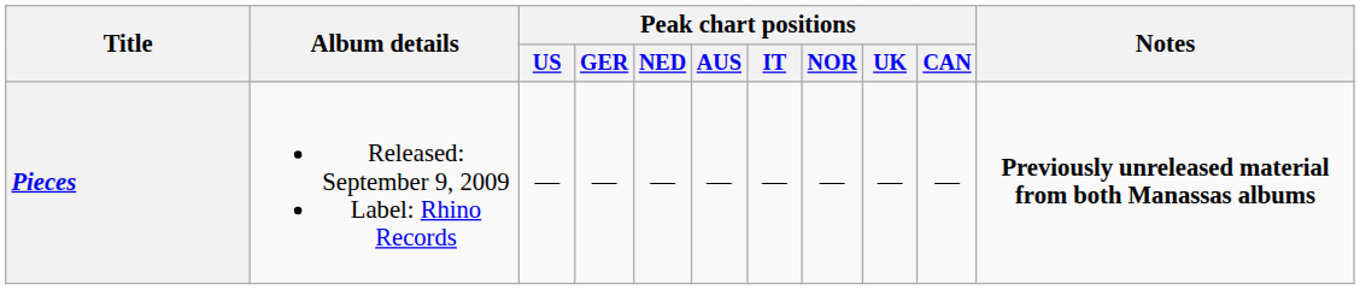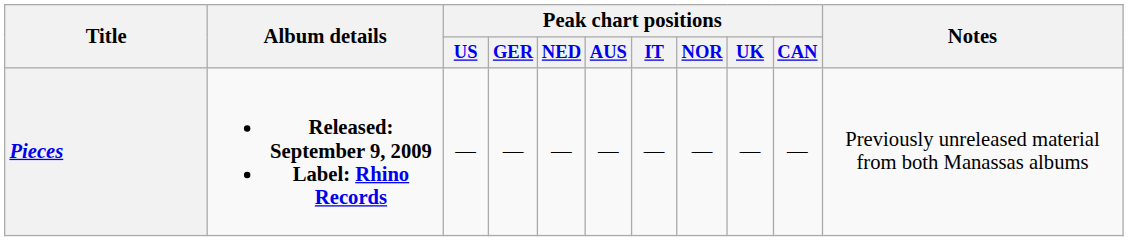 <table class="wikitable plainrowheaders" style="text-align:center;">
 <tr>
 <th scope="col" rowspan="2" style="width:150px;">Title</th>
 <th scope="col" rowspan="2">Album details</th>
 <th colspan="8" scope="col">Peak chart positions</th>
 <th rowspan="2">Notes</th>
 </tr>
 <tr>
 <th style="width:2em;font-size:90%"><a href='#'>US</a></th>
 <th style="width:2em;font-size:90%"><a href='#'>GER</a></th>
 <th style="width:2em;font-size:90%"><a href='#'>NED</a></th>
 <th style="width:2em;font-size:90%"><a href='#'>AUS</a></th>
 <th style="width:2em;font-size:90%"><a href='#'>IT</a></th>
 <th style="width:2em;font-size:90%"><a href='#'>NOR</a></th>
 <th style="width:2em;font-size:90%"><a href='#'>UK</a></th>
 <th style="width:2em;font-size:90%"><a href='#'>CAN</a></th>
 </tr>
 <tr>
 <th scope="row" style="text-align:left"><a href='#'><em>Pieces</em></a></th>
-<td><br><ul><li>Released: September 9, 2009</li><li>Label: <a href='#'>Rhino Records</a></li></ul></td>
+<td><strong><br><ul><li>Released: September 9, 2009</li><li>Label: <a href='#'>Rhino Records</a></li></ul></strong></td>
 <td>—</td>
 <td>—</td>
 <td>—</td>
 <td>—</td>
 <td>—</td>
 <td>—</td>
 <td>—</td>
 <td>—</td>
-<td><strong>Previously unreleased material from both Manassas albums</strong></td>
+<td>Previously unreleased material from both Manassas albums</td>
 </tr>
 </table>
